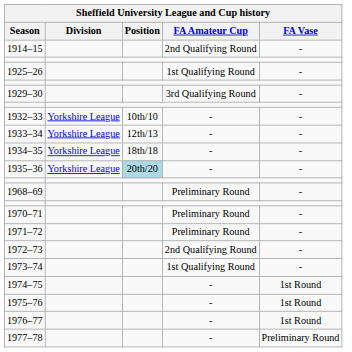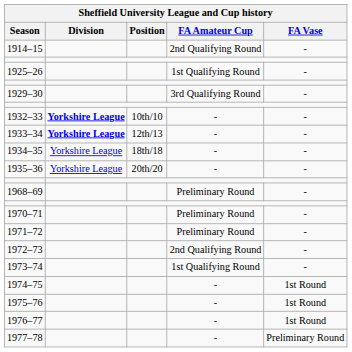 <table class="wikitable collapsible" style="text-align:center;font-size:75%">
 <tr>
 <th colspan="7"><strong>Sheffield University League and Cup history</strong></th>
 </tr>
 <tr>
 <th>Season</th>
 <th>Division</th>
 <th>Position</th>
 <th><a href='#'>FA Amateur Cup</a></th>
 <th><a href='#'>FA Vase</a></th>
 </tr>
 <tr>
 <td>1914–15</td>
 <td></td>
 <td></td>
 <td>2nd Qualifying Round</td>
 <td>-</td>
 </tr>
 <tr>
 <td></td>
 </tr>
 <tr>
 <td>1925–26</td>
 <td></td>
 <td></td>
 <td>1st Qualifying Round</td>
 <td>-</td>
 </tr>
 <tr>
 <td></td>
 </tr>
 <tr>
 <td>1929–30</td>
 <td></td>
 <td></td>
 <td>3rd Qualifying Round</td>
 <td>-</td>
 </tr>
 <tr>
 <td></td>
 </tr>
 <tr>
 <td>1932–33</td>
-<td><a href='#'>Yorkshire League</a></td>
+<td><strong><a href='#'>Yorkshire League</a></strong></td>
 <td>10th/10</td>
 <td>-</td>
 <td>-</td>
 </tr>
 <tr>
 <td>1933–34</td>
-<td><a href='#'>Yorkshire League</a></td>
+<td><strong><a href='#'>Yorkshire League</a></strong></td>
 <td>12th/13</td>
 <td>-</td>
 <td>-</td>
 </tr>
 <tr>
 <td>1934–35</td>
 <td><a href='#'>Yorkshire League</a></td>
 <td>18th/18</td>
 <td>-</td>
 <td>-</td>
 </tr>
 <tr>
 <td>1935–36</td>
 <td><a href='#'>Yorkshire League</a></td>
-<td style="background: lightblue;">20th/20</td>
+<td>20th/20</td>
 <td>-</td>
 <td>-</td>
 </tr>
 <tr>
 <td></td>
 </tr>
 <tr>
 <td>1968–69</td>
 <td></td>
 <td></td>
 <td>Preliminary Round</td>
 <td>-</td>
 </tr>
 <tr>
 <td></td>
 </tr>
 <tr>
 <td>1970–71</td>
 <td></td>
 <td></td>
 <td>Preliminary Round</td>
 <td>-</td>
 </tr>
 <tr>
 <td>1971–72</td>
 <td></td>
 <td></td>
 <td>Preliminary Round</td>
 <td>-</td>
 </tr>
 <tr>
 <td>1972–73</td>
 <td></td>
 <td></td>
 <td>2nd Qualifying Round</td>
 <td>-</td>
 </tr>
 <tr>
 <td>1973–74</td>
 <td></td>
 <td></td>
 <td>1st Qualifying Round</td>
 <td>-</td>
 </tr>
 <tr>
 <td>1974–75</td>
 <td></td>
 <td></td>
 <td>-</td>
 <td>1st Round</td>
 </tr>
 <tr>
 <td>1975–76</td>
 <td></td>
 <td></td>
 <td>-</td>
 <td>1st Round</td>
 </tr>
 <tr>
 <td>1976–77</td>
 <td></td>
 <td></td>
 <td>-</td>
 <td>1st Round</td>
 </tr>
 <tr>
 <td>1977–78</td>
 <td></td>
 <td></td>
 <td>-</td>
 <td>Preliminary Round</td>
 </tr>
 </table>
